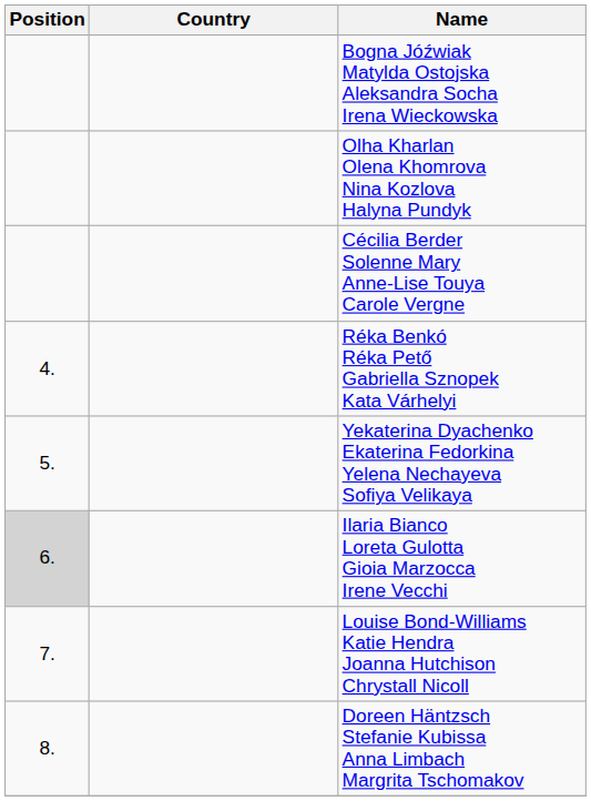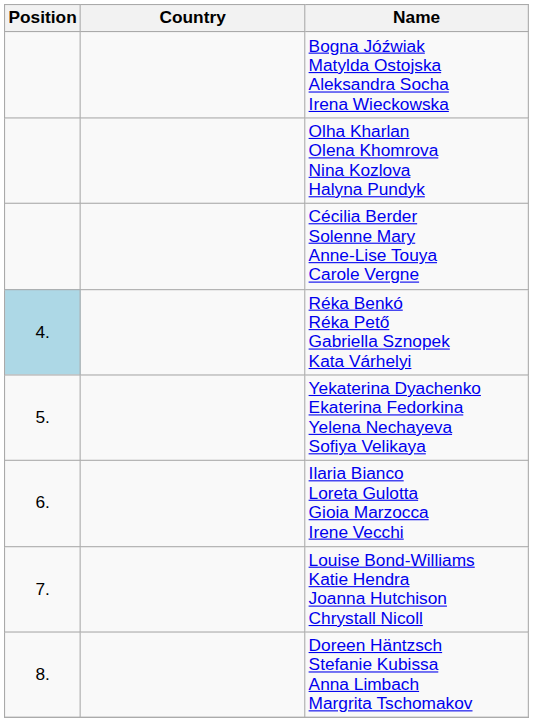 <table class="wikitable">
 <tr>
 <th width="10">Position</th>
 <th width="200">Country</th>
 <th width="200">Name</th>
 </tr>
 <tr>
 <td align="center"></td>
 <td></td>
 <td><a href='#'>Bogna Jóźwiak</a><br><a href='#'>Matylda Ostojska</a><br><a href='#'>Aleksandra Socha</a><br><a href='#'>Irena Wieckowska</a></td>
 </tr>
 <tr>
 <td align="center"></td>
 <td></td>
 <td><a href='#'>Olha Kharlan</a><br><a href='#'>Olena Khomrova</a><br><a href='#'>Nina Kozlova</a> <br><a href='#'>Halyna Pundyk</a></td>
 </tr>
 <tr>
 <td align="center"></td>
 <td></td>
 <td><a href='#'>Cécilia Berder</a><br><a href='#'>Solenne Mary</a><br><a href='#'>Anne-Lise Touya</a><br><a href='#'>Carole Vergne</a></td>
 </tr>
 <tr>
-<td align="center">4.</td>
+<td align="center" style="background: lightblue;">4.</td>
 <td></td>
 <td><a href='#'>Réka Benkó</a> <br><a href='#'>Réka Pető</a><br><a href='#'>Gabriella Sznopek</a><br><a href='#'>Kata Várhelyi</a></td>
 </tr>
 <tr>
 <td align="center">5.</td>
 <td></td>
 <td><a href='#'>Yekaterina Dyachenko</a><br><a href='#'>Ekaterina Fedorkina</a><br><a href='#'>Yelena Nechayeva</a><br><a href='#'>Sofiya Velikaya</a></td>
 </tr>
 <tr>
-<td align="center" style="background: lightgrey;">6.</td>
+<td align="center">6.</td>
 <td></td>
 <td><a href='#'>Ilaria Bianco</a><br><a href='#'>Loreta Gulotta</a><br><a href='#'>Gioia Marzocca</a><br><a href='#'>Irene Vecchi</a></td>
 </tr>
 <tr>
 <td align="center">7.</td>
 <td></td>
 <td><a href='#'>Louise Bond-Williams</a>  <br><a href='#'>Katie Hendra</a><br><a href='#'>Joanna Hutchison</a><br><a href='#'>Chrystall Nicoll</a></td>
 </tr>
 <tr>
 <td align="center">8.</td>
 <td></td>
 <td><a href='#'>Doreen Häntzsch</a><br><a href='#'>Stefanie Kubissa</a> <br><a href='#'>Anna Limbach</a><br><a href='#'>Margrita Tschomakov</a></td>
 </tr>
 <tr>
 </tr>
 </table>
